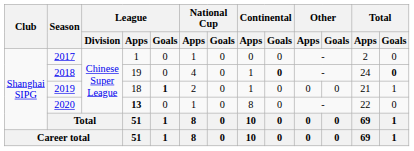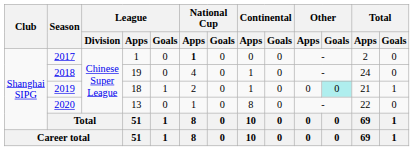 <table class="wikitable" style="text-align: center">
 <tr>
 <th rowspan="2">Club</th>
 <th rowspan="2">Season</th>
 <th colspan="3">League</th>
 <th colspan="2">National Cup</th>
 <th colspan="2">Continental</th>
 <th colspan="2">Other</th>
 <th colspan="2">Total</th>
 </tr>
 <tr>
 <th>Division</th>
 <th>Apps</th>
 <th>Goals</th>
 <th>Apps</th>
 <th>Goals</th>
 <th>Apps</th>
 <th>Goals</th>
 <th>Apps</th>
 <th>Goals</th>
 <th>Apps</th>
 <th>Goals</th>
 </tr>
 <tr>
 <td rowspan=5><a href='#'>Shanghai SIPG</a></td>
 <td><a href='#'>2017</a></td>
 <td rowspan=4><a href='#'>Chinese Super League</a></td>
 <td>1</td>
 <td>0</td>
-<td>1</td>
+<td><strong>1</strong></td>
 <td>0</td>
 <td>0</td>
 <td>0</td>
 <td colspan="2">-</td>
 <td>2</td>
 <td>0</td>
 </tr>
 <tr>
 <td><a href='#'>2018</a></td>
 <td>19</td>
 <td>0</td>
 <td>4</td>
 <td>0</td>
 <td>1</td>
-<td><strong>0</strong></td>
+<td>0</td>
 <td colspan="2">-</td>
 <td>24</td>
-<td><strong>0</strong></td>
+<td>0</td>
 </tr>
 <tr>
 <td><a href='#'>2019</a></td>
 <td>18</td>
-<td><strong>1</strong></td>
+<td>1</td>
 <td>2</td>
 <td>0</td>
 <td>1</td>
 <td>0</td>
 <td>0</td>
-<td>0</td>
+<td style="background: paleturquoise;">0</td>
 <td>21</td>
 <td>1</td>
 </tr>
 <tr>
 <td><a href='#'>2020</a></td>
-<td><strong>13</strong></td>
+<td>13</td>
 <td>0</td>
 <td>1</td>
 <td>0</td>
 <td>8</td>
 <td>0</td>
 <td colspan="2">-</td>
 <td>22</td>
 <td>0</td>
 </tr>
 <tr>
 <th colspan=2>Total</th>
 <th>51</th>
 <th>1</th>
 <th>8</th>
 <th>0</th>
 <th>10</th>
 <th>0</th>
 <th>0</th>
 <th>0</th>
 <th>69</th>
 <th>1</th>
 </tr>
 <tr>
 <th colspan=3>Career total</th>
 <th>51</th>
 <th>1</th>
 <th>8</th>
 <th>0</th>
 <th>10</th>
 <th>0</th>
 <th>0</th>
 <th>0</th>
 <th>69</th>
 <th>1</th>
 </tr>
 </table>
